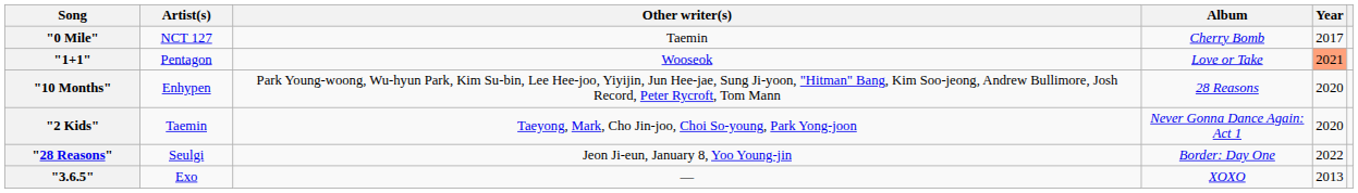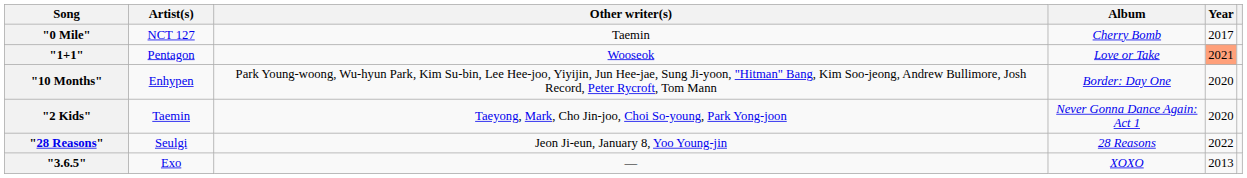 <table class="wikitable sortable plainrowheaders" style="text-align:center;">
 <tr>
 <th scope="col" width="150">Song</th>
 <th scope="col" width="100">Artist(s)</th>
 <th scope="col" class="unsortable">Other writer(s)</th>
 <th scope="col" data-sort-type="text">Album</th>
 <th scope="col">Year</th>
 <th scope="col" class="unsortable"></th>
 </tr>
 <tr>
 <th scope="row">"0 Mile"</th>
 <td><a href='#'>NCT 127</a></td>
 <td>Taemin</td>
 <td><em><a href='#'>Cherry Bomb</a></em></td>
 <td>2017</td>
 <td style="text-align:center;"></td>
 </tr>
 <tr>
 <th scope="row">"1+1"</th>
 <td><a href='#'>Pentagon</a></td>
 <td><a href='#'>Wooseok</a></td>
 <td><em><a href='#'>Love or Take</a></em></td>
 <td style="background: lightsalmon;">2021</td>
 <td style="text-align:center;"></td>
 </tr>
 <tr>
 <th scope="row">"10 Months"</th>
 <td><a href='#'>Enhypen</a></td>
 <td>Park Young-woong, Wu-hyun Park, Kim Su-bin, Lee Hee-joo, Yiyijin, Jun Hee-jae, Sung Ji-yoon, <a href='#'>"Hitman" Bang</a>, Kim Soo-jeong, Andrew Bullimore, Josh Record, <a href='#'>Peter Rycroft</a>, Tom Mann</td>
-<td><em><a href='#'>28 Reasons</a></em></td>
+<td><em><a href='#'>Border: Day One</a></em></td>
 <td>2020</td>
 <td style="text-align:center;"></td>
 </tr>
 <tr>
 <th scope="row">"2 Kids"</th>
 <td><a href='#'>Taemin</a></td>
 <td><a href='#'>Taeyong</a>, <a href='#'>Mark</a>, Cho Jin-joo, <a href='#'>Choi So-young</a>, <a href='#'>Park Yong-joon</a></td>
 <td><em><a href='#'>Never Gonna Dance Again: Act 1</a></em></td>
 <td>2020</td>
 <td style="text-align:center;"></td>
 </tr>
 <tr>
 <th scope="row">"<a href='#'>28 Reasons</a>"</th>
 <td><a href='#'>Seulgi</a></td>
 <td>Jeon Ji-eun, January 8, <a href='#'>Yoo Young-jin</a></td>
-<td><em><a href='#'>Border: Day One</a></em></td>
+<td><em><a href='#'>28 Reasons</a></em></td>
 <td>2022</td>
 <td style="text-align:center;"></td>
 </tr>
 <tr>
 <th scope="row">"3.6.5"</th>
 <td><a href='#'>Exo</a></td>
 <td>—</td>
 <td><em><a href='#'>XOXO</a></em></td>
 <td>2013</td>
 <td style="text-align:center;"></td>
 </tr>
 </table>
